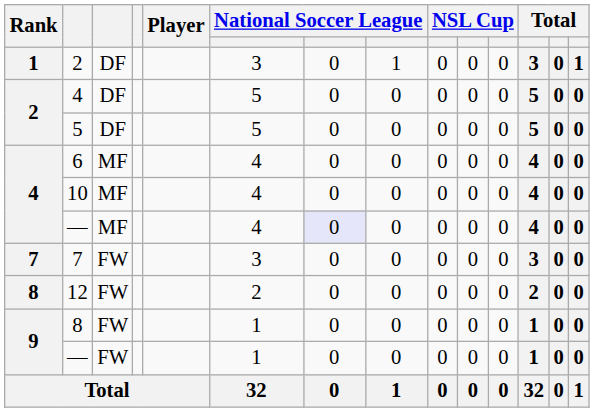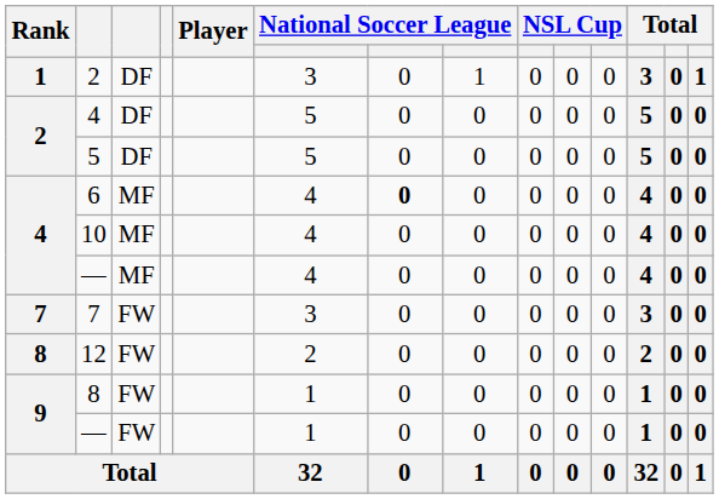 <table class="wikitable sortable" style="text-align:center">
 <tr>
 <th rowspan="2">Rank</th>
 <th rowspan="2"></th>
 <th rowspan="2"></th>
 <th rowspan="2"></th>
 <th rowspan="2">Player</th>
 <th colspan="3"><a href='#'>National Soccer League</a></th>
 <th colspan="3"><a href='#'>NSL Cup</a></th>
 <th colspan="3">Total</th>
 </tr>
 <tr>
 <th></th>
 <th></th>
 <th></th>
 <th></th>
 <th></th>
 <th></th>
 <th></th>
 <th></th>
 <th></th>
 </tr>
 <tr>
 <th>1</th>
 <td>2</td>
 <td>DF</td>
 <td></td>
 <td align="left"><br></td>
 <td>3</td>
 <td>0</td>
 <td>1<br></td>
 <td>0</td>
 <td>0</td>
 <td>0<br></td>
 <th>3</th>
 <th>0</th>
 <th>1</th>
 </tr>
 <tr>
 <th rowspan="2">2</th>
 <td>4</td>
 <td>DF</td>
 <td></td>
 <td align="left"><br></td>
 <td>5</td>
 <td>0</td>
 <td>0<br></td>
 <td>0</td>
 <td>0</td>
 <td>0<br></td>
 <th>5</th>
 <th>0</th>
 <th>0</th>
 </tr>
 <tr>
 <td>5</td>
 <td>DF</td>
 <td></td>
 <td align="left"><br></td>
 <td>5</td>
 <td>0</td>
 <td>0<br></td>
 <td>0</td>
 <td>0</td>
 <td>0<br></td>
 <th>5</th>
 <th>0</th>
 <th>0</th>
 </tr>
 <tr>
 <th rowspan="3">4</th>
 <td>6</td>
 <td>MF</td>
 <td></td>
 <td align="left"><br></td>
 <td>4</td>
-<td>0</td>
+<td><strong>0</strong></td>
 <td>0<br></td>
 <td>0</td>
 <td>0</td>
 <td>0<br></td>
 <th>4</th>
 <th>0</th>
 <th>0</th>
 </tr>
 <tr>
 <td>10</td>
 <td>MF</td>
 <td></td>
 <td align="left"><br></td>
 <td>4</td>
 <td>0</td>
 <td>0<br></td>
 <td>0</td>
 <td>0</td>
 <td>0<br></td>
 <th>4</th>
 <th>0</th>
 <th>0</th>
 </tr>
 <tr>
 <td>—</td>
 <td>MF</td>
 <td></td>
 <td align="left"><br></td>
 <td>4</td>
-<td style="background: lavender;">0</td>
+<td>0</td>
 <td>0<br></td>
 <td>0</td>
 <td>0</td>
 <td>0<br></td>
 <th>4</th>
 <th>0</th>
 <th>0</th>
 </tr>
 <tr>
 <th>7</th>
 <td>7</td>
 <td>FW</td>
 <td></td>
 <td align="left"><br></td>
 <td>3</td>
 <td>0</td>
 <td>0<br></td>
 <td>0</td>
 <td>0</td>
 <td>0<br></td>
 <th>3</th>
 <th>0</th>
 <th>0</th>
 </tr>
 <tr>
 <th>8</th>
 <td>12</td>
 <td>FW</td>
 <td></td>
 <td align="left"><br></td>
 <td>2</td>
 <td>0</td>
 <td>0<br></td>
 <td>0</td>
 <td>0</td>
 <td>0<br></td>
 <th>2</th>
 <th>0</th>
 <th>0</th>
 </tr>
 <tr>
 <th rowspan="2">9</th>
 <td>8</td>
 <td>FW</td>
 <td></td>
 <td align="left"><br></td>
 <td>1</td>
 <td>0</td>
 <td>0<br></td>
 <td>0</td>
 <td>0</td>
 <td>0<br></td>
 <th>1</th>
 <th>0</th>
 <th>0</th>
 </tr>
 <tr>
 <td>—</td>
 <td>FW</td>
 <td></td>
 <td align="left"><br></td>
 <td>1</td>
 <td>0</td>
 <td>0<br></td>
 <td>0</td>
 <td>0</td>
 <td>0<br></td>
 <th>1</th>
 <th>0</th>
 <th>0</th>
 </tr>
 <tr>
 <th colspan="5">Total<br></th>
 <th>32</th>
 <th>0</th>
 <th>1<br></th>
 <th>0</th>
 <th>0</th>
 <th>0<br></th>
 <th>32</th>
 <th>0</th>
 <th>1</th>
 </tr>
 </table>
